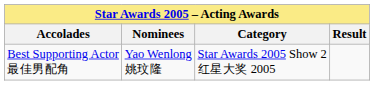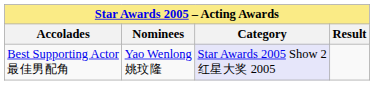 <table class="wikitable sortable">
 <tr>
 <th colspan="4" align="center" style="background:#FAEB86;"><a href='#'>Star Awards 2005</a> – Acting Awards</th>
 </tr>
 <tr>
 <th>Accolades</th>
 <th>Nominees</th>
 <th>Category</th>
 <th>Result</th>
 </tr>
 <tr>
 <td><a href='#'>Best Supporting Actor</a><br>最佳男配角</td>
 <td><a href='#'>Yao Wenlong</a> <br>姚玟隆</td>
-<td><a href='#'>Star Awards 2005</a> Show 2 <br>红星大奖 2005</td>
+<td style="background: lavender;"><a href='#'>Star Awards 2005</a> Show 2 <br>红星大奖 2005</td>
 <td></td>
 </tr>
 </table>
